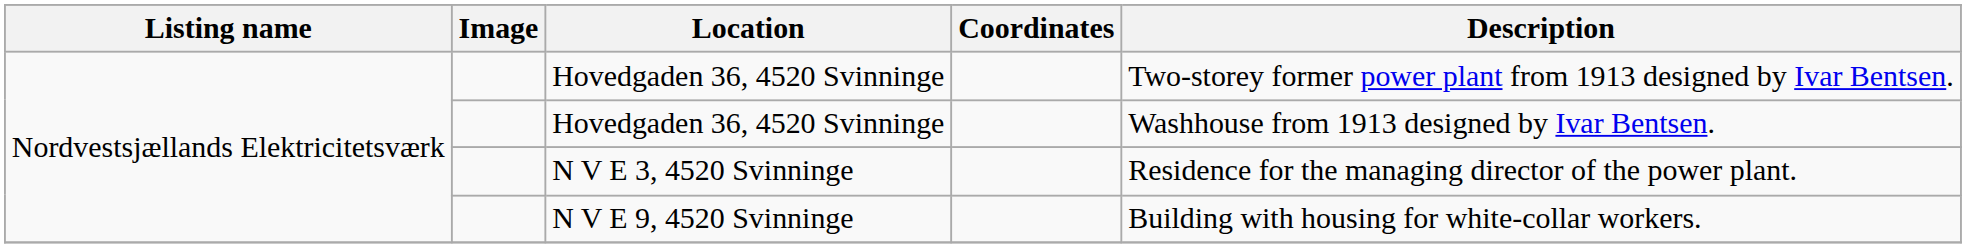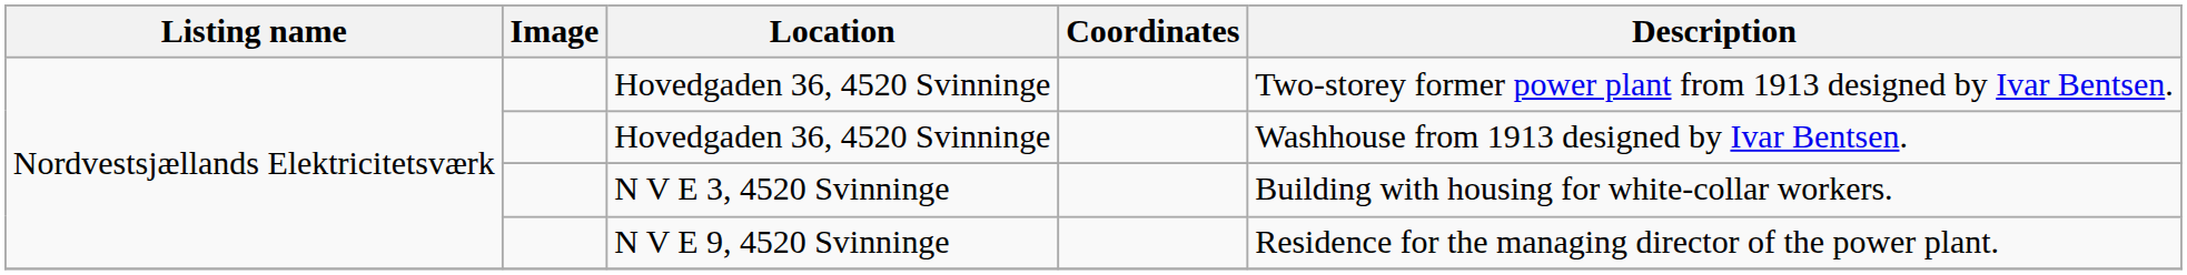 <table class="wikitable sortable">
 <tr>
 <th>Listing name</th>
 <th>Image</th>
 <th>Location</th>
 <th>Coordinates</th>
 <th>Description</th>
 </tr>
 <tr>
 <td rowspan="4">Nordvestsjællands Elektricitetsværk</td>
 <td></td>
 <td>Hovedgaden 36, 4520 Svinninge</td>
 <td></td>
 <td>Two-storey former <a href='#'>power plant</a> from 1913 designed by <a href='#'>Ivar Bentsen</a>.</td>
 </tr>
 <tr>
 <td></td>
 <td>Hovedgaden 36, 4520 Svinninge</td>
 <td></td>
 <td>Washhouse from 1913 designed by <a href='#'>Ivar Bentsen</a>.<br></td>
 </tr>
 <tr>
 <td></td>
 <td>N V E 3, 4520 Svinninge</td>
 <td></td>
-<td>Residence for the managing director of the power plant.</td>
+<td>Building with housing for white-collar workers.</td>
 </tr>
 <tr>
 <td></td>
 <td>N V E 9, 4520 Svinninge</td>
 <td></td>
-<td>Building with housing for white-collar workers.</td>
+<td>Residence for the managing director of the power plant.</td>
 </tr>
 <tr>
 </tr>
 </table>
